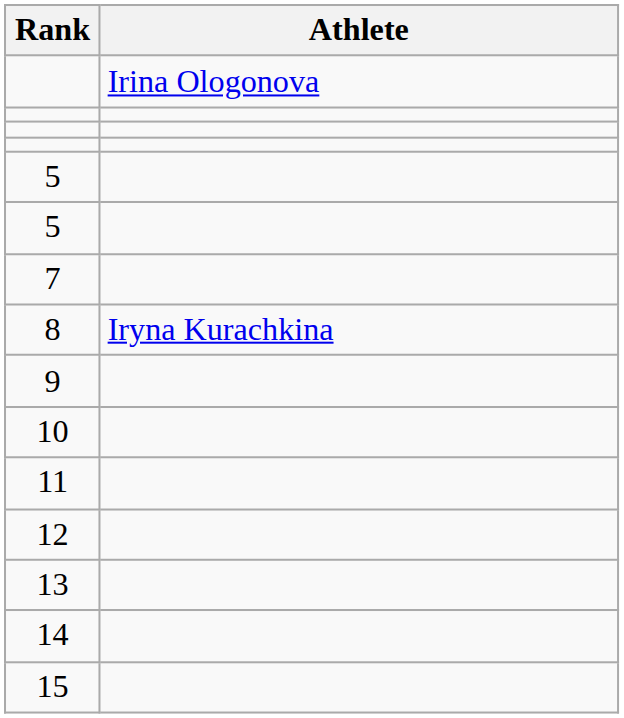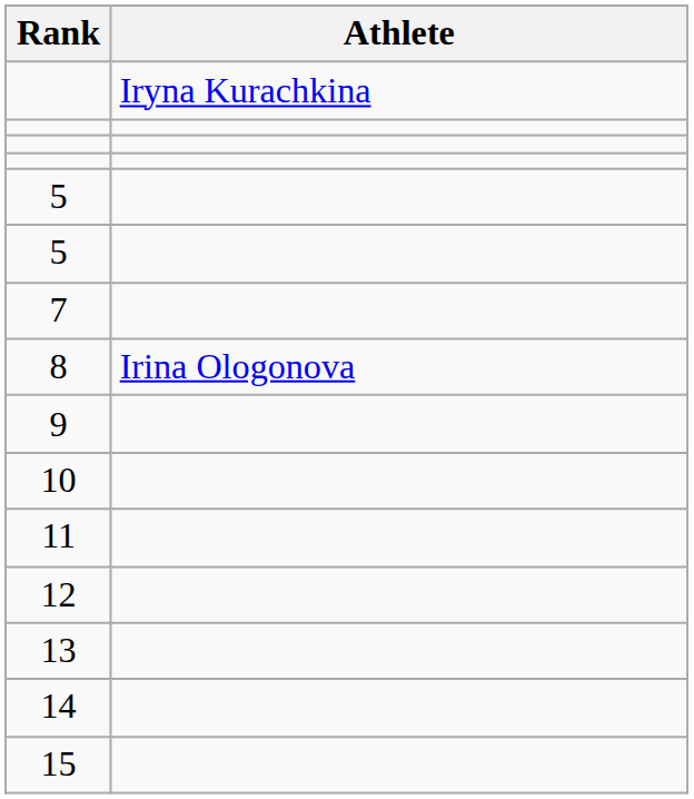 <table class="wikitable" style="text-align: center;">
 <tr>
 <th width=40>Rank</th>
 <th width=250>Athlete</th>
 </tr>
 <tr>
 <td></td>
-<td align="left"> <a href='#'>Irina Ologonova</a> </td>
+<td align="left"> <a href='#'>Iryna Kurachkina</a> </td>
 </tr>
 <tr>
 <td></td>
 <td align="left"></td>
 </tr>
 <tr>
 <td></td>
 <td align="left"></td>
 </tr>
 <tr>
 <td></td>
 <td align="left"></td>
 </tr>
 <tr>
 <td>5</td>
 <td align="left"></td>
 </tr>
 <tr>
 <td>5</td>
 <td align="left"></td>
 </tr>
 <tr>
 <td>7</td>
 <td align="left"></td>
 </tr>
 <tr>
 <td>8</td>
-<td align="left"> <a href='#'>Iryna Kurachkina</a> </td>
+<td align="left"> <a href='#'>Irina Ologonova</a> </td>
 </tr>
 <tr>
 <td>9</td>
 <td align="left"></td>
 </tr>
 <tr>
 <td>10</td>
 <td align="left"></td>
 </tr>
 <tr>
 <td>11</td>
 <td align="left"></td>
 </tr>
 <tr>
 <td>12</td>
 <td align="left"></td>
 </tr>
 <tr>
 <td>13</td>
 <td align="left"></td>
 </tr>
 <tr>
 <td>14</td>
 <td align="left"></td>
 </tr>
 <tr>
 <td>15</td>
 <td align="left"></td>
 </tr>
 </table>
